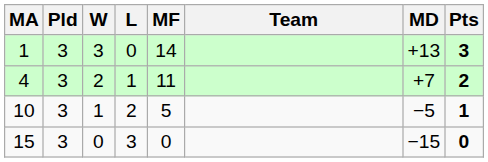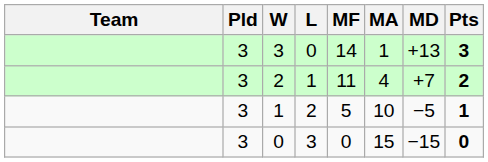 <table class=wikitable style="text-align:center">
 <tr>
-<th width=20>MA</th>
+<th width=175>Team</th>
 <th width=20>Pld</th>
 <th width=20>W</th>
 <th width=20>L</th>
 <th width=20>MF</th>
-<th width=175>Team</th>
+<th width=20>MA</th>
 <th width=20>MD</th>
 <th width=20>Pts</th>
 </tr>
 <tr bgcolor=ccffcc>
-<td>1</td>
+<td align=left></td>
 <td>3</td>
 <td>3</td>
 <td>0</td>
 <td>14</td>
-<td align=left></td>
+<td>1</td>
 <td>+13</td>
 <td><strong>3</strong></td>
 </tr>
 <tr bgcolor=ccffcc>
-<td>4</td>
+<td align=left></td>
 <td>3</td>
 <td>2</td>
 <td>1</td>
 <td>11</td>
-<td align=left></td>
+<td>4</td>
 <td>+7</td>
 <td><strong>2</strong></td>
 </tr>
 <tr>
-<td>10</td>
+<td align=left></td>
 <td>3</td>
 <td>1</td>
 <td>2</td>
 <td>5</td>
-<td align=left></td>
+<td>10</td>
 <td>−5</td>
 <td><strong>1</strong></td>
 </tr>
 <tr>
-<td>15</td>
+<td align=left></td>
 <td>3</td>
 <td>0</td>
 <td>3</td>
 <td>0</td>
-<td align=left></td>
+<td>15</td>
 <td>−15</td>
 <td><strong>0</strong></td>
 </tr>
 </table>
